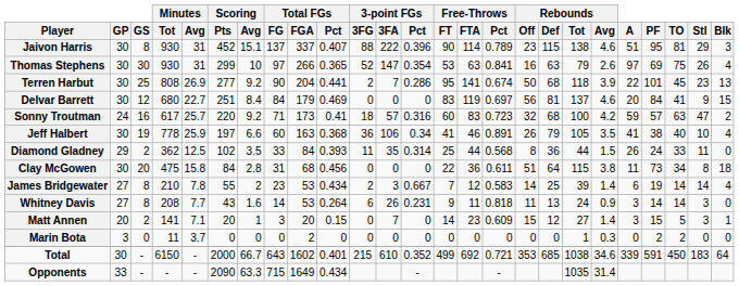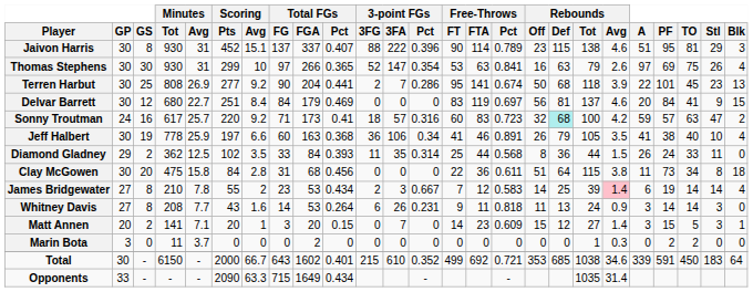 <table class="wikitable sortable" border="1" style="font-size:90%;">
 <tr>
 <th colspan="3" style="border-top-style:hidden; border-left-style:hidden; background: white;"></th>
 <th colspan="2" style=>Minutes</th>
 <th colspan="2" style=>Scoring</th>
 <th colspan="3" style=>Total FGs</th>
 <th colspan="3" style=>3-point FGs</th>
 <th colspan="3" style=>Free-Throws</th>
 <th colspan="4" style=>Rebounds</th>
 <th colspan="5" style="border-top-style:hidden; border-right-style:hidden; background: white;"></th>
 </tr>
 <tr>
 <th scope="col" style=>Player</th>
 <th scope="col" style=>GP</th>
 <th scope="col" style=>GS</th>
 <th scope="col" style=>Tot</th>
 <th scope="col" style=>Avg</th>
 <th scope="col" style=>Pts</th>
 <th scope="col" style=>Avg</th>
 <th scope="col" style=>FG</th>
 <th scope="col" style=>FGA</th>
 <th scope="col" style=>Pct</th>
 <th scope="col" style=>3FG</th>
 <th scope="col" style=>3FA</th>
 <th scope="col" style=>Pct</th>
 <th scope="col" style=>FT</th>
 <th scope="col" style=>FTA</th>
 <th scope="col" style=>Pct</th>
 <th scope="col" style=>Off</th>
 <th scope="col" style=>Def</th>
 <th scope="col" style=>Tot</th>
 <th scope="col" style=>Avg</th>
 <th scope="col" style=>A</th>
 <th scope="col" style=>PF</th>
 <th scope="col" style=>TO</th>
 <th scope="col" style=>Stl</th>
 <th scope="col" style=>Blk</th>
 </tr>
 <tr>
 <th>Jaivon Harris</th>
 <td align="right">30</td>
 <td align="right">8</td>
 <td align="right">930</td>
 <td align="right">31</td>
 <td align="right">452</td>
 <td align="right">15.1</td>
 <td align="right">137</td>
 <td align="right">337</td>
 <td align="right">0.407</td>
 <td align="right">88</td>
 <td align="right">222</td>
 <td align="right">0.396</td>
 <td align="right">90</td>
 <td align="right">114</td>
 <td align="right">0.789</td>
 <td align="right">23</td>
 <td align="right">115</td>
 <td align="right">138</td>
 <td align="right">4.6</td>
 <td align="right">51</td>
 <td align="right">95</td>
 <td align="right">81</td>
 <td align="right">29</td>
 <td align="right">3</td>
 </tr>
 <tr>
 <th>Thomas Stephens</th>
 <td align="right">30</td>
 <td align="right">30</td>
 <td align="right">930</td>
 <td align="right">31</td>
 <td align="right">299</td>
 <td align="right">10</td>
 <td align="right">97</td>
 <td align="right">266</td>
 <td align="right">0.365</td>
 <td align="right">52</td>
 <td align="right">147</td>
 <td align="right">0.354</td>
 <td align="right">53</td>
 <td align="right">63</td>
 <td align="right">0.841</td>
 <td align="right">16</td>
 <td align="right">63</td>
 <td align="right">79</td>
 <td align="right">2.6</td>
 <td align="right">97</td>
 <td align="right">69</td>
 <td align="right">75</td>
 <td align="right">26</td>
 <td align="right">4</td>
 </tr>
 <tr>
 <th>Terren Harbut</th>
 <td align="right">30</td>
 <td align="right">25</td>
 <td align="right">808</td>
 <td align="right">26.9</td>
 <td align="right">277</td>
 <td align="right">9.2</td>
 <td align="right">90</td>
 <td align="right">204</td>
 <td align="right">0.441</td>
 <td align="right">2</td>
 <td align="right">7</td>
 <td align="right">0.286</td>
 <td align="right">95</td>
 <td align="right">141</td>
 <td align="right">0.674</td>
 <td align="right">50</td>
 <td align="right">68</td>
 <td align="right">118</td>
 <td align="right">3.9</td>
 <td align="right">22</td>
 <td align="right">101</td>
 <td align="right">45</td>
 <td align="right">23</td>
 <td align="right">13</td>
 </tr>
 <tr>
 <th>Delvar Barrett</th>
 <td align="right">30</td>
 <td align="right">12</td>
 <td align="right">680</td>
 <td align="right">22.7</td>
 <td align="right">251</td>
 <td align="right">8.4</td>
 <td align="right">84</td>
 <td align="right">179</td>
 <td align="right">0.469</td>
 <td align="right">0</td>
 <td align="right">0</td>
 <td align="right">0</td>
 <td align="right">83</td>
 <td align="right">119</td>
 <td align="right">0.697</td>
 <td align="right">56</td>
 <td align="right">81</td>
 <td align="right">137</td>
 <td align="right">4.6</td>
 <td align="right">20</td>
 <td align="right">84</td>
 <td align="right">41</td>
 <td align="right">9</td>
 <td align="right">15</td>
 </tr>
 <tr>
 <th>Sonny Troutman</th>
 <td align="right">24</td>
 <td align="right">16</td>
 <td align="right">617</td>
 <td align="right">25.7</td>
 <td align="right">220</td>
 <td align="right">9.2</td>
 <td align="right">71</td>
 <td align="right">173</td>
 <td align="right">0.41</td>
 <td align="right">18</td>
 <td align="right">57</td>
 <td align="right">0.316</td>
 <td align="right">60</td>
 <td align="right">83</td>
 <td align="right">0.723</td>
 <td align="right">32</td>
-<td align="right">68</td>
+<td align="right" style="background: paleturquoise;">68</td>
 <td align="right">100</td>
 <td align="right">4.2</td>
 <td align="right">59</td>
 <td align="right">57</td>
 <td align="right">63</td>
 <td align="right">47</td>
 <td align="right">2</td>
 </tr>
 <tr>
 <th>Jeff Halbert</th>
 <td align="right">30</td>
 <td align="right">19</td>
 <td align="right">778</td>
 <td align="right">25.9</td>
 <td align="right">197</td>
 <td align="right">6.6</td>
 <td align="right">60</td>
 <td align="right">163</td>
 <td align="right">0.368</td>
 <td align="right">36</td>
 <td align="right">106</td>
 <td align="right">0.34</td>
 <td align="right">41</td>
 <td align="right">46</td>
 <td align="right">0.891</td>
 <td align="right">26</td>
 <td align="right">79</td>
 <td align="right">105</td>
 <td align="right">3.5</td>
 <td align="right">41</td>
 <td align="right">38</td>
 <td align="right">40</td>
 <td align="right">10</td>
 <td align="right">4</td>
 </tr>
 <tr>
 <th>Diamond Gladney</th>
 <td align="right">29</td>
 <td align="right">2</td>
 <td align="right">362</td>
 <td align="right">12.5</td>
 <td align="right">102</td>
 <td align="right">3.5</td>
 <td align="right">33</td>
 <td align="right">84</td>
 <td align="right">0.393</td>
 <td align="right">11</td>
 <td align="right">35</td>
 <td align="right">0.314</td>
 <td align="right">25</td>
 <td align="right">44</td>
 <td align="right">0.568</td>
 <td align="right">8</td>
 <td align="right">36</td>
 <td align="right">44</td>
 <td align="right">1.5</td>
 <td align="right">26</td>
 <td align="right">24</td>
 <td align="right">33</td>
 <td align="right">11</td>
 <td align="right">0</td>
 </tr>
 <tr>
 <th>Clay McGowen</th>
 <td align="right">30</td>
 <td align="right">20</td>
 <td align="right">475</td>
 <td align="right">15.8</td>
 <td align="right">84</td>
 <td align="right">2.8</td>
 <td align="right">31</td>
 <td align="right">68</td>
 <td align="right">0.456</td>
 <td align="right">0</td>
 <td align="right">0</td>
 <td align="right">0</td>
 <td align="right">22</td>
 <td align="right">36</td>
 <td align="right">0.611</td>
 <td align="right">51</td>
 <td align="right">64</td>
 <td align="right">115</td>
 <td align="right">3.8</td>
 <td align="right">11</td>
 <td align="right">73</td>
 <td align="right">34</td>
 <td align="right">8</td>
 <td align="right">18</td>
 </tr>
 <tr>
 <th>James Bridgewater</th>
 <td align="right">27</td>
 <td align="right">8</td>
 <td align="right">210</td>
 <td align="right">7.8</td>
 <td align="right">55</td>
 <td align="right">2</td>
 <td align="right">23</td>
 <td align="right">53</td>
 <td align="right">0.434</td>
 <td align="right">2</td>
 <td align="right">3</td>
 <td align="right">0.667</td>
 <td align="right">7</td>
 <td align="right">12</td>
 <td align="right">0.583</td>
 <td align="right">14</td>
 <td align="right">25</td>
 <td align="right">39</td>
-<td align="right">1.4</td>
+<td align="right" style="background: pink;">1.4</td>
 <td align="right">6</td>
 <td align="right">19</td>
 <td align="right">14</td>
 <td align="right">14</td>
 <td align="right">4</td>
 </tr>
 <tr>
 <th>Whitney Davis</th>
 <td align="right">27</td>
 <td align="right">8</td>
 <td align="right">208</td>
 <td align="right">7.7</td>
 <td align="right">43</td>
 <td align="right">1.6</td>
 <td align="right">14</td>
 <td align="right">53</td>
 <td align="right">0.264</td>
 <td align="right">6</td>
 <td align="right">26</td>
 <td align="right">0.231</td>
 <td align="right">9</td>
 <td align="right">11</td>
 <td align="right">0.818</td>
 <td align="right">11</td>
 <td align="right">13</td>
 <td align="right">24</td>
 <td align="right">0.9</td>
 <td align="right">3</td>
 <td align="right">14</td>
 <td align="right">14</td>
 <td align="right">3</td>
 <td align="right">0</td>
 </tr>
 <tr>
 <th>Matt Annen</th>
 <td align="right">20</td>
 <td align="right">2</td>
 <td align="right">141</td>
 <td align="right">7.1</td>
 <td align="right">20</td>
 <td align="right">1</td>
 <td align="right">3</td>
 <td align="right">20</td>
 <td align="right">0.15</td>
 <td align="right">0</td>
 <td align="right">7</td>
 <td align="right">0</td>
 <td align="right">14</td>
 <td align="right">23</td>
 <td align="right">0.609</td>
 <td align="right">15</td>
 <td align="right">12</td>
 <td align="right">27</td>
 <td align="right">1.4</td>
 <td align="right">3</td>
 <td align="right">15</td>
 <td align="right">5</td>
 <td align="right">3</td>
 <td align="right">1</td>
 </tr>
 <tr>
 <th>Marin Bota</th>
 <td align="right">3</td>
 <td align="right">0</td>
 <td align="right">11</td>
 <td align="right">3.7</td>
 <td align="right">0</td>
 <td align="right">0</td>
 <td align="right">0</td>
 <td align="right">2</td>
 <td align="right">0</td>
 <td align="right">0</td>
 <td align="right">0</td>
 <td align="right">0</td>
 <td align="right">0</td>
 <td align="right">0</td>
 <td align="right">0</td>
 <td align="right">0</td>
 <td align="right">0</td>
 <td align="right">1</td>
 <td align="right">0.3</td>
 <td align="right">0</td>
 <td align="right">2</td>
 <td align="right">2</td>
 <td align="right">0</td>
 <td align="right">0</td>
 </tr>
 <tr>
 </tr>
 <tr class="sortbottom">
 <td align="center" style=><strong>Total</strong></td>
 <td align="center" style=>30</td>
 <td align="center" style=>-</td>
 <td align="center" style=>6150</td>
 <td align="center" style=>-</td>
 <td align="center" style=>2000</td>
 <td align="center" style=>66.7</td>
 <td align="center" style=>643</td>
 <td align="center" style=>1602</td>
 <td align="center" style=>0.401</td>
 <td align="center" style=>215</td>
 <td align="center" style=>610</td>
 <td align="center" style=>0.352</td>
 <td align="center" style=>499</td>
 <td align="center" style=>692</td>
 <td align="center" style=>0.721</td>
 <td align="center" style=>353</td>
 <td align="center" style=>685</td>
 <td align="center" style=>1038</td>
 <td align="center" style=>34.6</td>
 <td align="center" style=>339</td>
 <td align="center" style=>591</td>
 <td align="center" style=>450</td>
 <td align="center" style=>183</td>
 <td align="center" style=>64</td>
 </tr>
 <tr class="sortbottom">
 <td align="center"><strong>Opponents</strong></td>
 <td align="center">33</td>
 <td align="center">-</td>
 <td align="center">-</td>
 <td align="center">-</td>
 <td align="center">2090</td>
 <td align="center">63.3</td>
 <td align="center">715</td>
 <td align="center">1649</td>
 <td align="center">0.434</td>
 <td align="center"></td>
 <td align="center"></td>
 <td align="center">-</td>
 <td align="center"></td>
 <td align="center"></td>
 <td align="center">-</td>
 <td align="center"></td>
 <td align="center"></td>
 <td align="center">1035</td>
 <td align="center">31.4</td>
 <td align="center"></td>
 <td align="center"></td>
 <td align="center"></td>
 <td align="center"></td>
 <td align="center"></td>
 </tr>
 </table>
